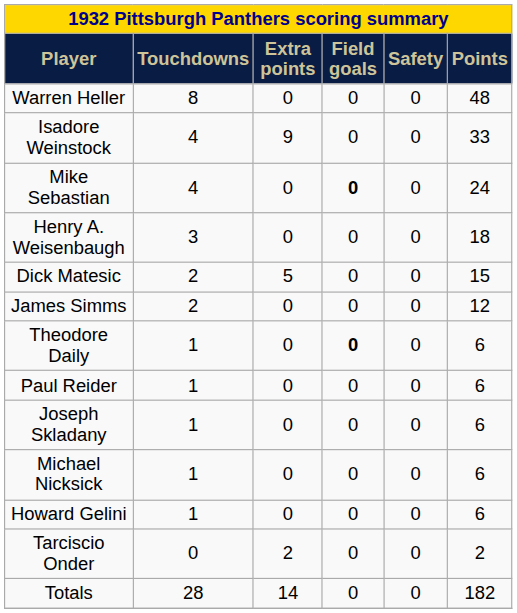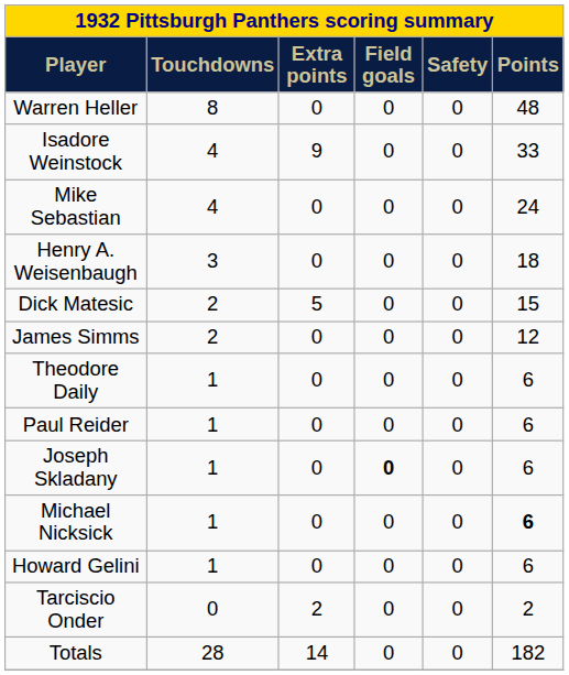 <table class="wikitable" width="35%">
 <tr>
 <th colspan="10" style="background:gold; color:darkblue; text-align: center;"><strong>1932 Pittsburgh Panthers scoring summary</strong></th>
 </tr>
 <tr align="center"  style="background:#091C44;color:#CEC499;">
 <td><strong>Player</strong></td>
 <td><strong>Touchdowns</strong></td>
 <td><strong>Extra points</strong></td>
 <td><strong>Field goals</strong></td>
 <td><strong>Safety</strong></td>
 <td><strong>Points</strong></td>
 </tr>
 <tr align="center" bgcolor="">
 <td>Warren Heller</td>
 <td>8</td>
 <td>0</td>
 <td>0</td>
 <td>0</td>
 <td>48</td>
 </tr>
 <tr align="center" bgcolor="">
 <td>Isadore Weinstock</td>
 <td>4</td>
 <td>9</td>
 <td>0</td>
 <td>0</td>
 <td>33</td>
 </tr>
 <tr align="center" bgcolor="">
 <td>Mike Sebastian</td>
 <td>4</td>
 <td>0</td>
-<td><strong>0</strong></td>
+<td>0</td>
 <td>0</td>
 <td>24</td>
 </tr>
 <tr align="center" bgcolor="">
 <td>Henry A. Weisenbaugh</td>
 <td>3</td>
 <td>0</td>
 <td>0</td>
 <td>0</td>
 <td>18</td>
 </tr>
 <tr align="center" bgcolor="">
 <td>Dick Matesic</td>
 <td>2</td>
 <td>5</td>
 <td>0</td>
 <td>0</td>
 <td>15</td>
 </tr>
 <tr align="center" bgcolor="">
 <td>James Simms</td>
 <td>2</td>
 <td>0</td>
 <td>0</td>
 <td>0</td>
 <td>12</td>
 </tr>
 <tr align="center" bgcolor="">
 <td>Theodore Daily</td>
 <td>1</td>
 <td>0</td>
-<td><strong>0</strong></td>
+<td>0</td>
 <td>0</td>
 <td>6</td>
 </tr>
 <tr align="center" bgcolor="">
 <td>Paul Reider</td>
 <td>1</td>
 <td>0</td>
 <td>0</td>
 <td>0</td>
 <td>6</td>
 </tr>
 <tr align="center" bgcolor="">
 <td>Joseph Skladany</td>
 <td>1</td>
 <td>0</td>
-<td>0</td>
+<td><strong>0</strong></td>
 <td>0</td>
 <td>6</td>
 </tr>
 <tr align="center" bgcolor="">
 <td>Michael Nicksick</td>
 <td>1</td>
 <td>0</td>
 <td>0</td>
 <td>0</td>
-<td>6</td>
+<td><strong>6</strong></td>
 </tr>
 <tr align="center" bgcolor="">
 <td>Howard Gelini</td>
 <td>1</td>
 <td>0</td>
 <td>0</td>
 <td>0</td>
 <td>6</td>
 </tr>
 <tr align="center" bgcolor="">
 <td>Tarciscio Onder</td>
 <td>0</td>
 <td>2</td>
 <td>0</td>
 <td>0</td>
 <td>2</td>
 </tr>
 <tr align="center" bgcolor="">
 <td>Totals</td>
 <td>28</td>
 <td>14</td>
 <td>0</td>
 <td>0</td>
 <td>182</td>
 </tr>
 <tr align="center" bgcolor="">
 </tr>
 </table>
